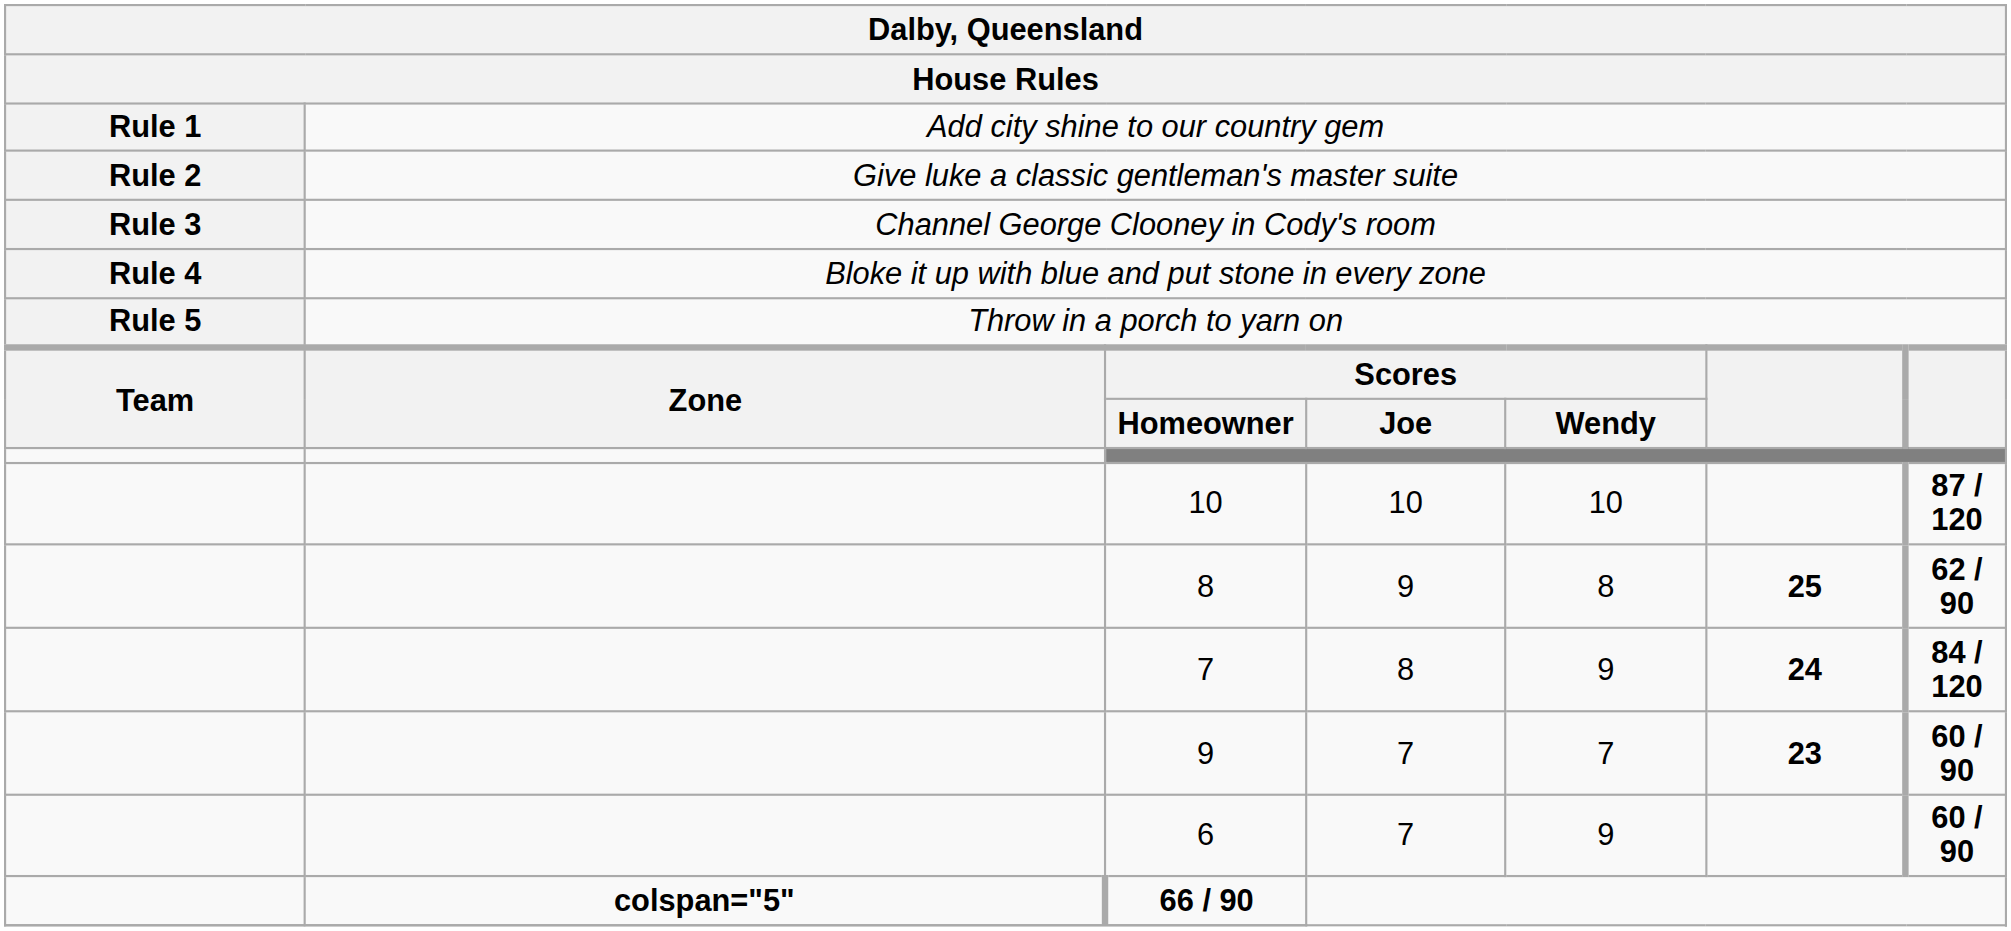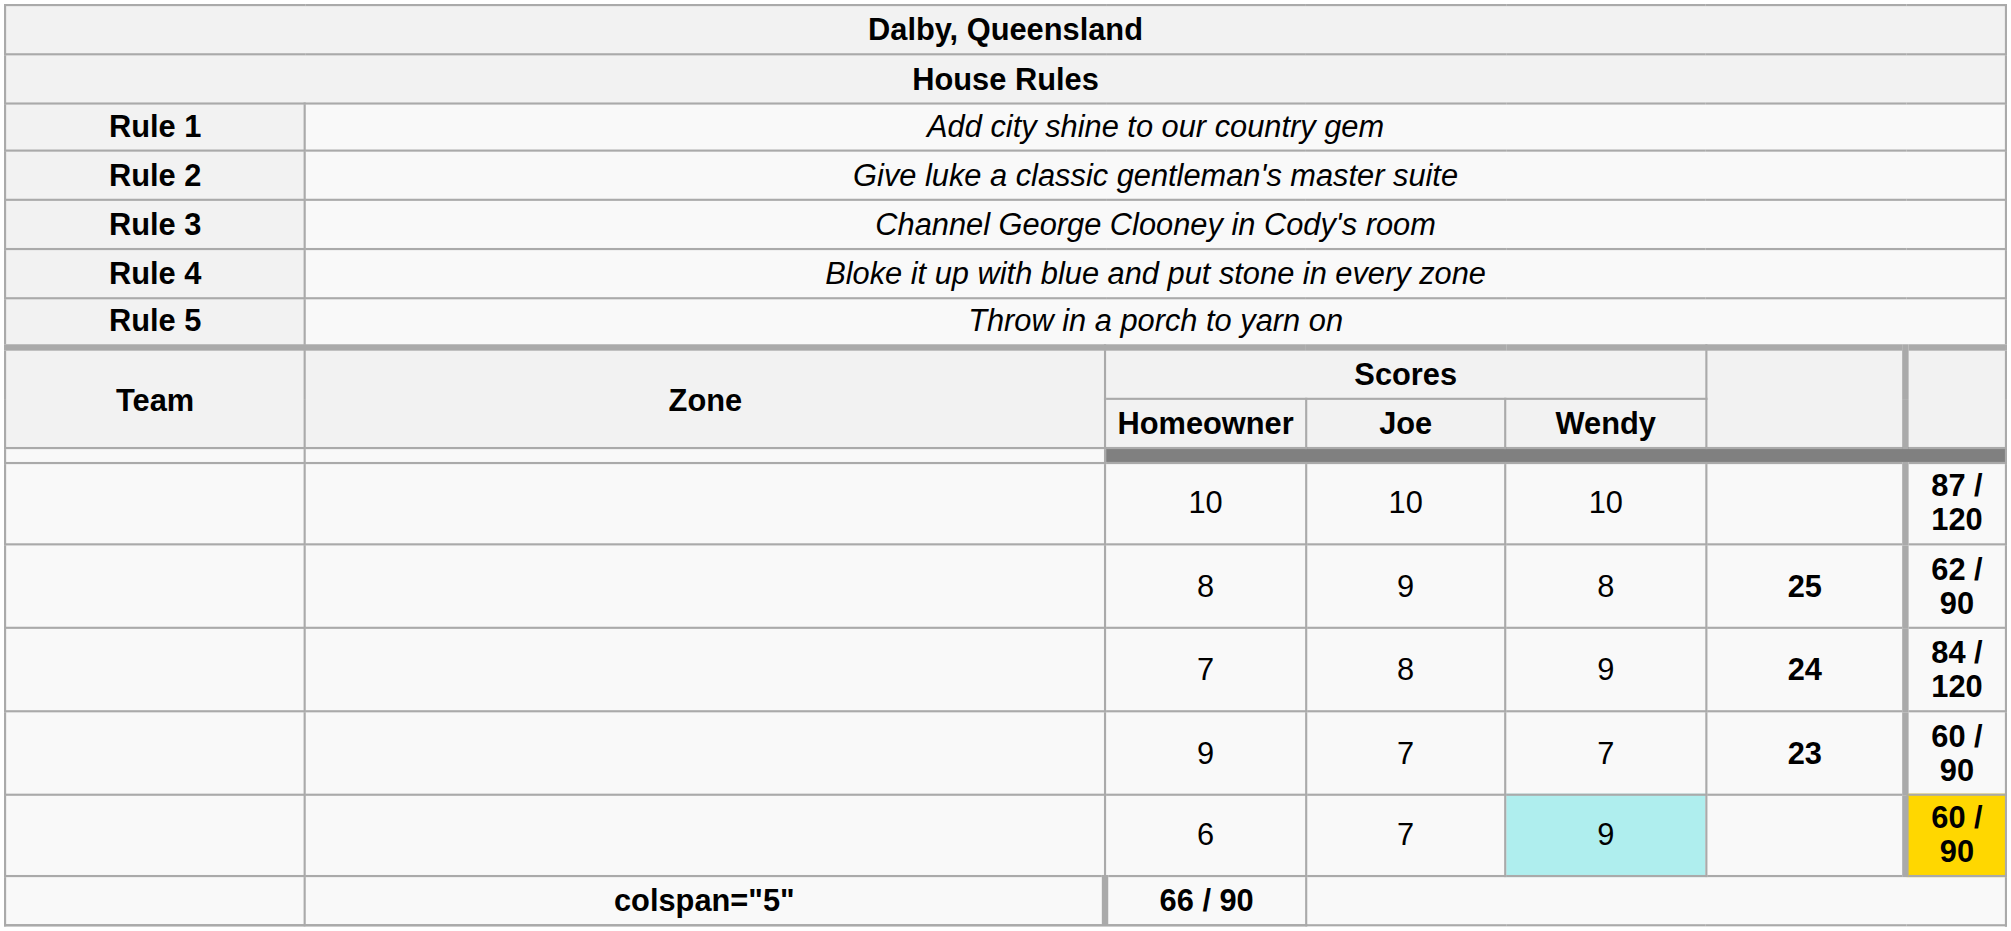 <table class="wikitable plainrowheaders" style="text-align:center; font-size:90%; width:65em;">
 <tr>
 <th colspan="7" >Dalby, Queensland</th>
 </tr>
 <tr>
 <th colspan="7">House Rules</th>
 </tr>
 <tr>
 <th>Rule 1</th>
 <td colspan="6"><em>Add city shine to our country gem</em></td>
 </tr>
 <tr>
 <th>Rule 2</th>
 <td colspan="6"><em>Give luke a classic gentleman's master suite</em></td>
 </tr>
 <tr>
 <th>Rule 3</th>
 <td colspan="6"><em>Channel George Clooney in Cody's room</em></td>
 </tr>
 <tr>
 <th>Rule 4</th>
 <td colspan="6"><em>Bloke it up with blue and put stone in every zone</em></td>
 </tr>
 <tr>
 <th>Rule 5</th>
 <td colspan="6"><em>Throw in a porch to yarn on</em></td>
 </tr>
 <tr style="border-top:3px solid #aaa;">
 <th rowspan="2">Team</th>
 <th rowspan="2" style="width:40%;">Zone</th>
 <th colspan="3" style="width:40%;">Scores</th>
 <th rowspan="2" style="width:10%;"></th>
 <th rowspan="2" style="width:10%; border-left:3px solid #aaa;"></th>
 </tr>
 <tr>
 <th style="width:10%;">Homeowner</th>
 <th style="width:10%;">Joe</th>
 <th style="width:10%;">Wendy</th>
 </tr>
 <tr>
 <td style="width:15%;"></td>
 <td></td>
 <td colspan="5" bgcolor="grey"></td>
 </tr>
 <tr>
 <td style="width:15%;"></td>
 <td></td>
 <td>10</td>
 <td>10</td>
 <td>10</td>
 <td></td>
 <td style="border-left:3px solid #aaa;"><strong>87 / 120</strong></td>
 </tr>
 <tr>
 <td style="width:15%;"></td>
 <td></td>
 <td>8</td>
 <td>9</td>
 <td>8</td>
 <td><strong>25</strong></td>
 <td style="border-left:3px solid #aaa;"><strong>62 / 90</strong></td>
 </tr>
 <tr>
 <td style="width:15%;"></td>
 <td></td>
 <td>7</td>
 <td>8</td>
 <td>9</td>
 <td><strong>24</strong></td>
 <td style="border-left:3px solid #aaa;"><strong>84 / 120</strong></td>
 </tr>
 <tr>
 <td style="width:15%;"></td>
 <td></td>
 <td>9</td>
 <td>7</td>
 <td>7</td>
 <td><strong>23</strong></td>
 <td style="border-left:3px solid #aaa;"><strong>60 / 90</strong></td>
 </tr>
 <tr>
 <td style="width:15%;"></td>
 <td></td>
 <td>6</td>
 <td>7</td>
-<td>9</td>
+<td style="background: paleturquoise;">9</td>
 <td></td>
-<td style="border-left:3px solid #aaa;"><strong>60 / 90</strong></td>
+<td style="background: gold; border-left:3px solid #aaa;"><strong>60 / 90</strong></td>
 </tr>
 <tr>
 <td style="width:15%;"></td>
 <td><strong>colspan="5" </strong></td>
 <td style="border-left:3px solid #aaa;"><strong>66 / 90</strong></td>
 </tr>
 <tr>
 </tr>
 </table>
